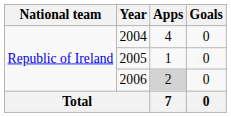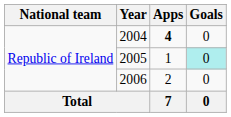 <table class="wikitable" style="text-align:center">
 <tr>
 <th>National team</th>
 <th>Year</th>
 <th>Apps</th>
 <th>Goals</th>
 </tr>
 <tr>
 <td rowspan="3"><a href='#'>Republic of Ireland</a></td>
 <td>2004</td>
-<td>4</td>
+<td><strong>4</strong></td>
 <td>0</td>
 </tr>
 <tr>
 <td>2005</td>
 <td>1</td>
-<td>0</td>
+<td style="background: paleturquoise;">0</td>
 </tr>
 <tr>
 <td>2006</td>
-<td style="background: lightgrey;">2</td>
+<td>2</td>
 <td>0</td>
 </tr>
 <tr>
 <th colspan="2">Total</th>
 <th>7</th>
 <th>0</th>
 </tr>
 </table>
